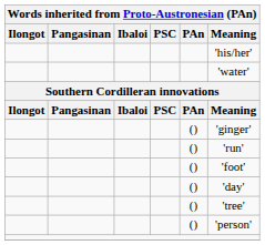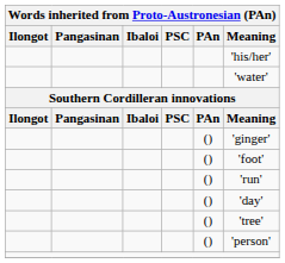 <table class="wikitable" title="Comparison table" style="text-align: center;">
 <tr>
 <th colspan=8>Words inherited from <a href='#'>Proto-Austronesian</a> (PAn)</th>
 </tr>
 <tr>
 <th>Ilongot</th>
 <th>Pangasinan</th>
 <th>Ibaloi</th>
 <th>PSC</th>
 <th>PAn</th>
 <th>Meaning</th>
 </tr>
 <tr>
 <td></td>
 <td></td>
 <td></td>
 <td></td>
 <td></td>
 <td>'his/her'</td>
 </tr>
 <tr>
 <td></td>
 <td></td>
 <td></td>
 <td></td>
 <td></td>
 <td>'water'</td>
 </tr>
 <tr>
 <th colspan=8>Southern Cordilleran innovations</th>
 </tr>
 <tr>
 <th>Ilongot</th>
 <th>Pangasinan</th>
 <th>Ibaloi</th>
 <th>PSC</th>
 <th>PAn</th>
 <th>Meaning</th>
 </tr>
 <tr>
 <td></td>
 <td></td>
 <td></td>
 <td></td>
 <td>()</td>
 <td>'ginger'</td>
 </tr>
 <tr>
 <td></td>
 <td></td>
 <td></td>
 <td></td>
 <td>()</td>
-<td>'run'</td>
+<td>'foot'</td>
 </tr>
 <tr>
 <td></td>
 <td></td>
 <td></td>
 <td></td>
 <td>()</td>
-<td>'foot'</td>
+<td>'run'</td>
 </tr>
 <tr>
 <td></td>
 <td></td>
 <td></td>
 <td></td>
 <td>()</td>
 <td>'day'</td>
 </tr>
 <tr>
 <td></td>
 <td></td>
 <td></td>
 <td></td>
 <td>()</td>
 <td>'tree'</td>
 </tr>
 <tr>
 <td></td>
 <td></td>
 <td></td>
 <td></td>
 <td>()</td>
 <td>'person'</td>
 </tr>
 <tr>
 <td colspan="8" style="max-width: 20em;"></td>
 </tr>
 <tr>
 </tr>
 </table>
